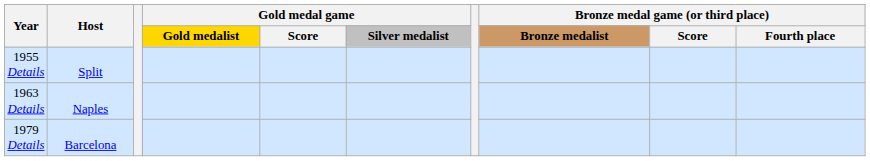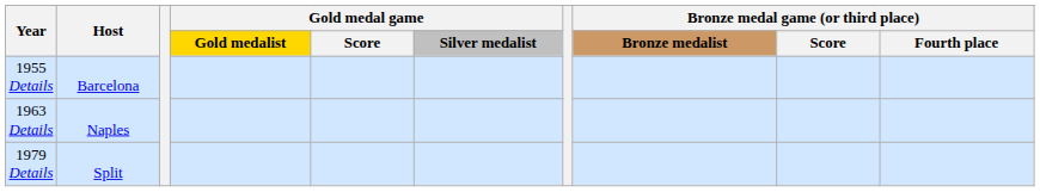 <table class=wikitable style="text-align:center; font-size:90%;">
 <tr bgcolor=#C1D8FF>
 <th rowspan=2 width=5%>Year</th>
 <th rowspan=2 width=10%>Host</th>
 <th width=1% rowspan=19 bgcolor=ffffff></th>
 <th colspan=3>Gold medal game</th>
 <th width=1% rowspan=19 bgcolor=ffffff></th>
 <th colspan=3>Bronze medal game (or third place)</th>
 </tr>
 <tr bgcolor=#EFEFEF>
 <th style="background:gold; width=15%"> Gold medalist</th>
 <th width=10%>Score</th>
 <th style="background:silver; width=15%"> Silver medalist</th>
 <th style="background:#cc9966; width=15%"> Bronze medalist</th>
 <th width=10%>Score</th>
 <th width=15%>Fourth place</th>
 </tr>
 <tr bgcolor=#D0E7FF>
 <td>1955<br><em><a href='#'>Details</a></em></td>
-<td><br><a href='#'>Split</a></td>
+<td><br><a href='#'>Barcelona</a></td>
 <td><strong></strong></td>
 <td></td>
 <td></td>
 <td></td>
 <td></td>
 <td><strong></strong></td>
 </tr>
 <tr bgcolor=#D0E7FF>
 <td>1963<br><em><a href='#'>Details</a></em></td>
 <td><br><a href='#'>Naples</a></td>
 <td><strong></strong></td>
 <td></td>
 <td></td>
 <td></td>
 <td></td>
 <td></td>
 </tr>
 <tr bgcolor=#D0E7FF>
 <td>1979<br><em><a href='#'>Details</a></em></td>
-<td><br><a href='#'>Barcelona</a></td>
+<td><br><a href='#'>Split</a></td>
 <td><strong></strong></td>
 <td></td>
 <td></td>
 <td></td>
 <td></td>
 <td></td>
 </tr>
 </table>
